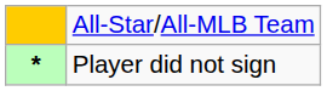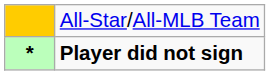 <table class=wikitable>
 <tr>
 <td style="background-color:#FFCC00; border:1px solid #aaaaaa; width:2em;"></td>
 <td><a href='#'>All-Star</a>/<a href='#'>All-MLB Team</a></td>
 </tr>
 <tr>
 <th scope="row" style="background:#bfb;">*</th>
-<td>Player did not sign</td>
+<td><strong>Player did not sign</strong></td>
 </tr>
 </table>
